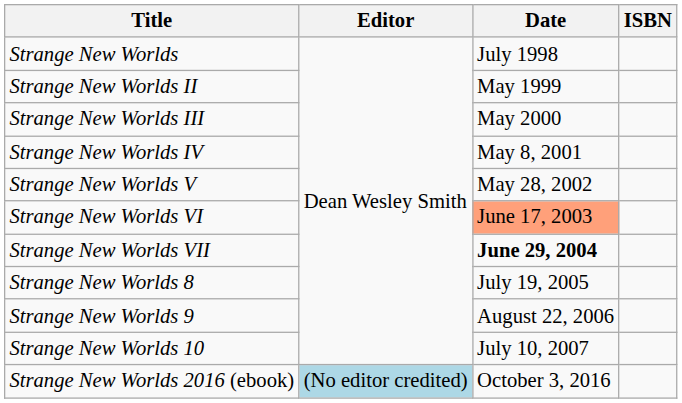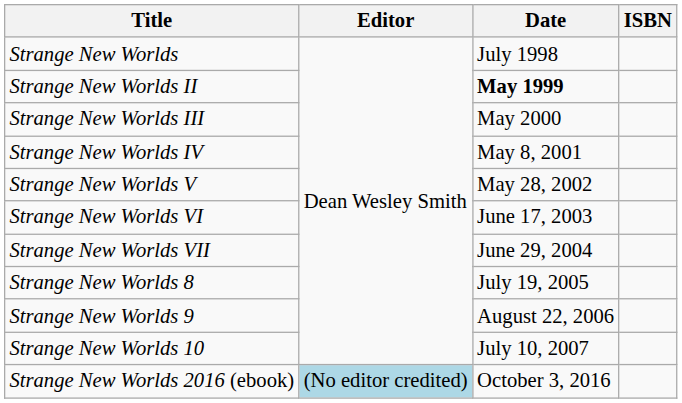 <table class="wikitable">
 <tr>
 <th>Title</th>
 <th>Editor</th>
 <th>Date</th>
 <th>ISBN</th>
 </tr>
 <tr>
 <td><em>Strange New Worlds</em></td>
 <td rowspan="10">Dean Wesley Smith</td>
 <td>July 1998</td>
 <td></td>
 </tr>
 <tr>
 <td><em>Strange New Worlds II</em></td>
-<td>May 1999</td>
+<td><strong>May 1999</strong></td>
 <td></td>
 </tr>
 <tr>
 <td><em>Strange New Worlds III</em></td>
 <td>May 2000</td>
 <td></td>
 </tr>
 <tr>
 <td><em>Strange New Worlds IV</em></td>
 <td>May 8, 2001</td>
 <td></td>
 </tr>
 <tr>
 <td><em>Strange New Worlds V</em></td>
 <td>May 28, 2002</td>
 <td></td>
 </tr>
 <tr>
 <td><em>Strange New Worlds VI</em></td>
-<td style="background: lightsalmon;">June 17, 2003</td>
+<td>June 17, 2003</td>
 <td></td>
 </tr>
 <tr>
 <td><em>Strange New Worlds VII</em></td>
-<td><strong>June 29, 2004</strong></td>
+<td>June 29, 2004</td>
 <td></td>
 </tr>
 <tr>
 <td><em>Strange New Worlds 8</em></td>
 <td>July 19, 2005</td>
 <td></td>
 </tr>
 <tr>
 <td><em>Strange New Worlds 9</em></td>
 <td>August 22, 2006</td>
 <td></td>
 </tr>
 <tr>
 <td><em>Strange New Worlds 10</em></td>
 <td>July 10, 2007</td>
 <td></td>
 </tr>
 <tr>
 <td><em>Strange New Worlds 2016</em> (ebook)</td>
 <td style="background: lightblue;">(No editor credited)</td>
 <td>October 3, 2016</td>
 <td></td>
 </tr>
 </table>
